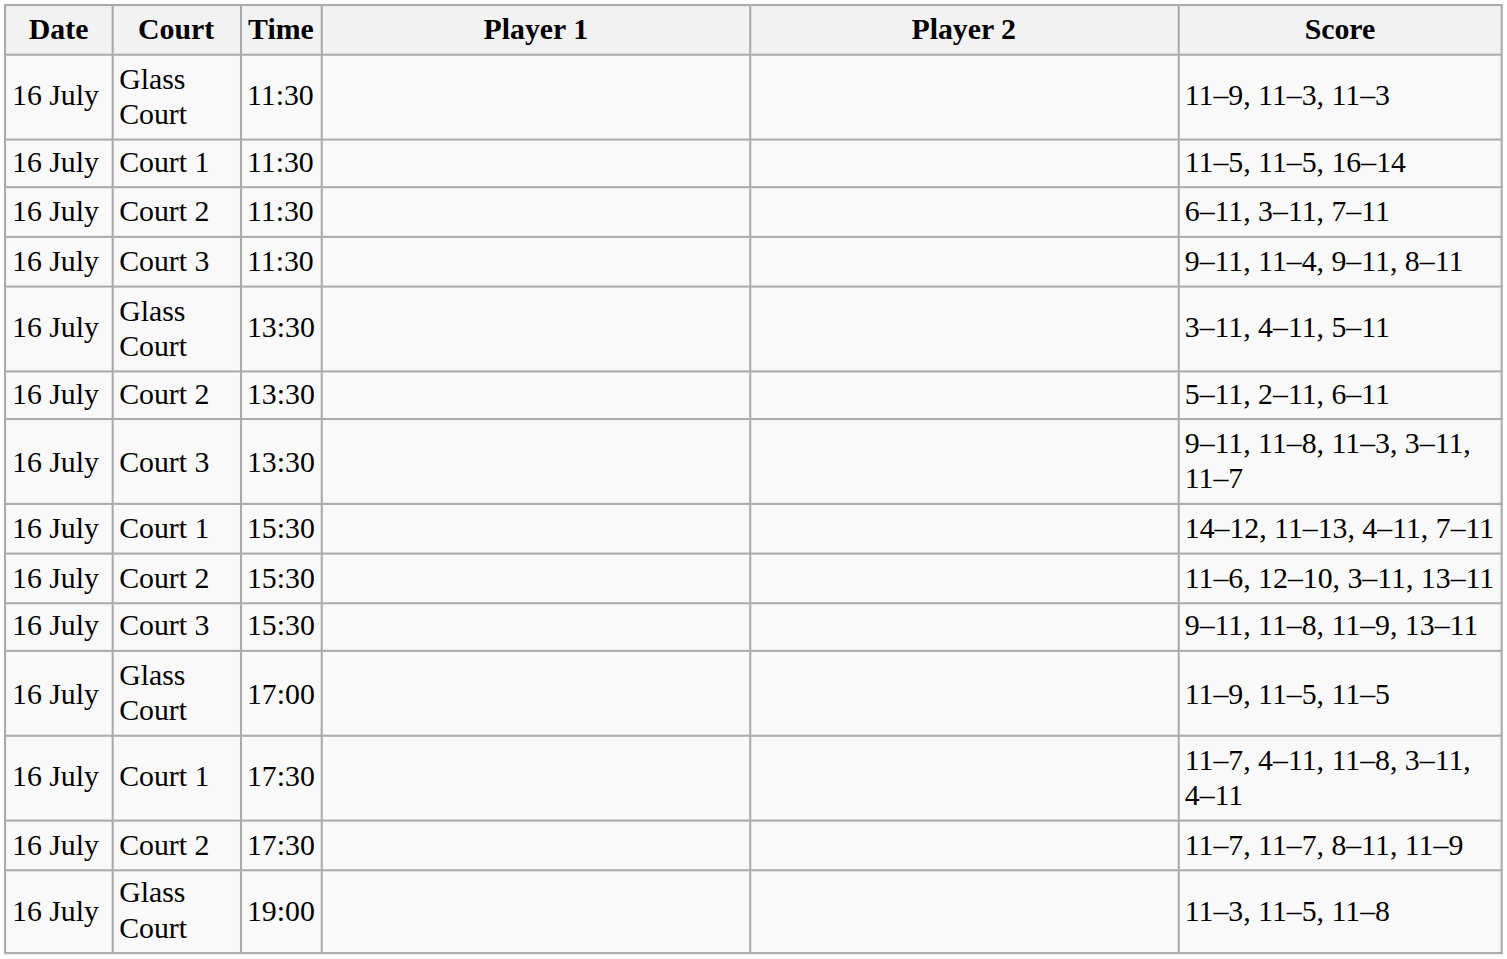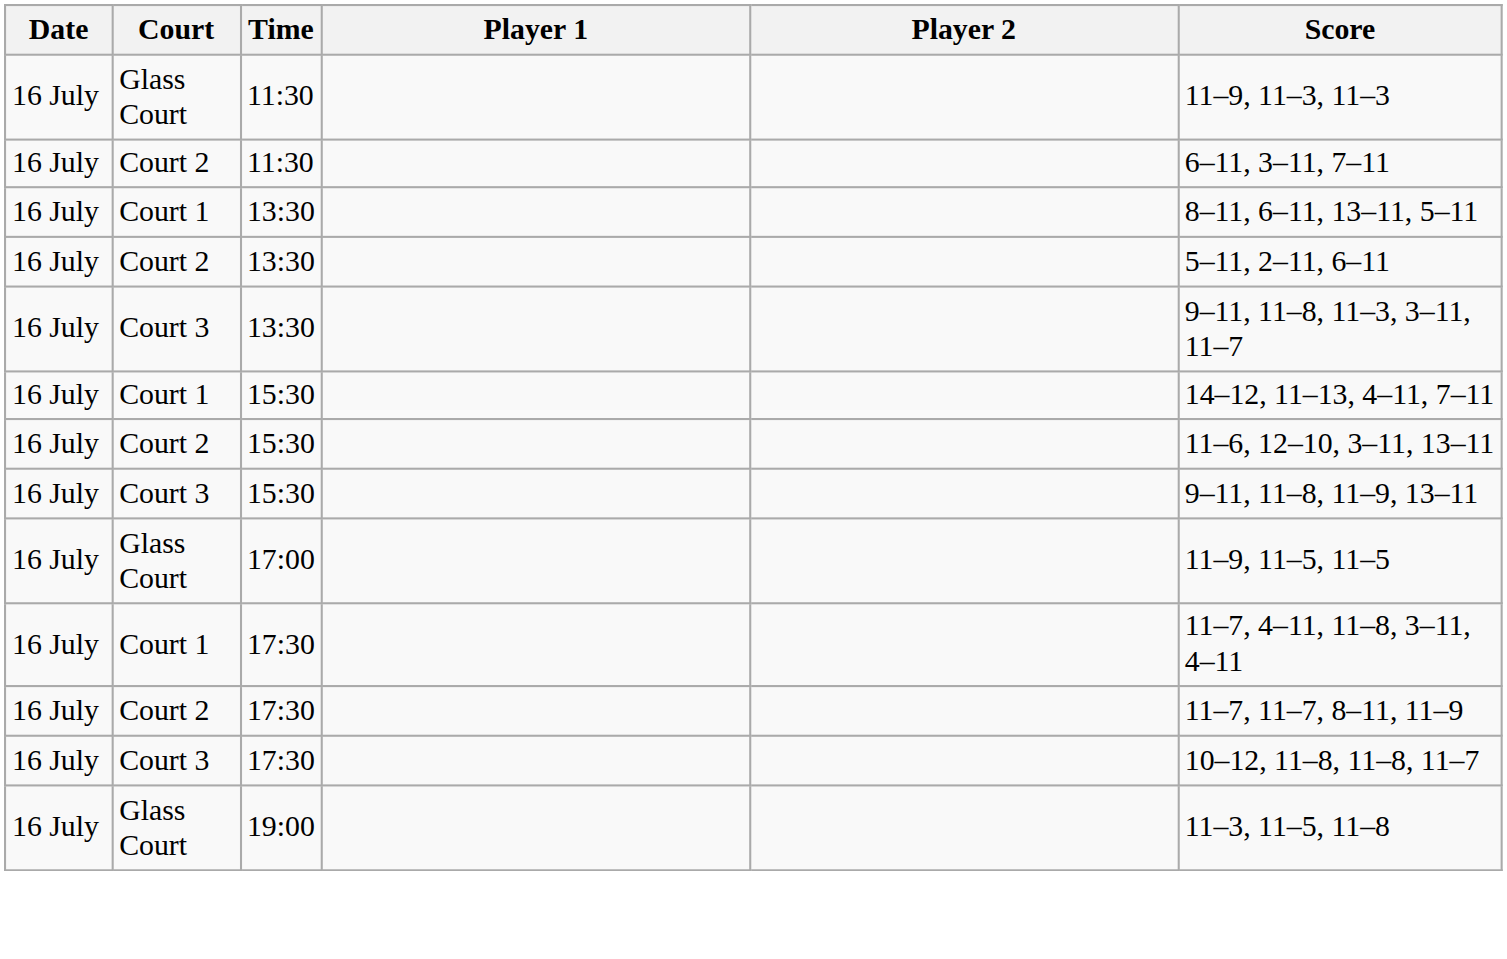 <table class="sortable wikitable" style="font-size:90%">
 <tr>
 <th width="45" class="unsortable">Date</th>
 <th width="55">Court</th>
 <th width="30">Time</th>
 <th width="200">Player 1</th>
 <th width="200">Player 2</th>
 <th width="150" class="unsortable">Score</th>
 </tr>
 <tr>
 <td>16 July</td>
 <td>Glass Court</td>
 <td>11:30</td>
 <td><strong></strong></td>
 <td></td>
 <td>11–9, 11–3, 11–3</td>
 </tr>
 <tr>
 <td>16 July</td>
-<td>Court 1</td>
-<td>11:30</td>
-<td><strong></strong></td>
-<td></td>
-<td>11–5, 11–5, 16–14</td>
-</tr>
-<tr>
-<td>16 July</td>
 <td>Court 2</td>
 <td>11:30</td>
 <td></td>
 <td><strong></strong></td>
 <td>6–11, 3–11, 7–11</td>
 </tr>
 <tr>
 <td>16 July</td>
-<td>Court 3</td>
-<td>11:30</td>
-<td></td>
-<td><strong></strong></td>
-<td>9–11, 11–4, 9–11, 8–11</td>
-</tr>
-<tr>
-<td>16 July</td>
-<td>Glass Court</td>
+<td>Court 1</td>
 <td>13:30</td>
 <td></td>
 <td><strong></strong></td>
-<td>3–11, 4–11, 5–11</td>
+<td>8–11, 6–11, 13–11, 5–11</td>
 </tr>
 <tr>
 <td>16 July</td>
 <td>Court 2</td>
 <td>13:30</td>
 <td><strong></strong></td>
 <td></td>
 <td>5–11, 2–11, 6–11</td>
 </tr>
 <tr>
 <td>16 July</td>
 <td>Court 3</td>
 <td>13:30</td>
 <td></td>
 <td><strong></strong></td>
 <td>9–11, 11–8, 11–3, 3–11, 11–7</td>
 </tr>
 <tr>
 <td>16 July</td>
 <td>Court 1</td>
 <td>15:30</td>
 <td></td>
 <td><strong></strong></td>
 <td>14–12, 11–13, 4–11, 7–11</td>
 </tr>
 <tr>
 <td>16 July</td>
 <td>Court 2</td>
 <td>15:30</td>
 <td><strong></strong></td>
 <td></td>
 <td>11–6, 12–10, 3–11, 13–11</td>
 </tr>
 <tr>
 <td>16 July</td>
 <td>Court 3</td>
 <td>15:30</td>
 <td><strong></strong></td>
 <td></td>
 <td>9–11, 11–8, 11–9, 13–11</td>
 </tr>
 <tr>
 <td>16 July</td>
 <td>Glass Court</td>
 <td>17:00</td>
 <td><strong></strong></td>
 <td></td>
 <td>11–9, 11–5, 11–5</td>
 </tr>
 <tr>
 <td>16 July</td>
 <td>Court 1</td>
 <td>17:30</td>
 <td></td>
 <td><strong></strong></td>
 <td>11–7, 4–11, 11–8, 3–11, 4–11</td>
 </tr>
 <tr>
 <td>16 July</td>
 <td>Court 2</td>
 <td>17:30</td>
 <td><strong></strong></td>
 <td></td>
 <td>11–7, 11–7, 8–11, 11–9</td>
 </tr>
 <tr>
 <td>16 July</td>
+<td>Court 3</td>
+<td>17:30</td>
+<td><strong></strong></td>
+<td></td>
+<td>10–12, 11–8, 11–8, 11–7</td>
+</tr>
+<tr>
+<td>16 July</td>
 <td>Glass Court</td>
 <td>19:00</td>
 <td><strong></strong></td>
 <td></td>
 <td>11–3, 11–5, 11–8</td>
 </tr>
 </table>
